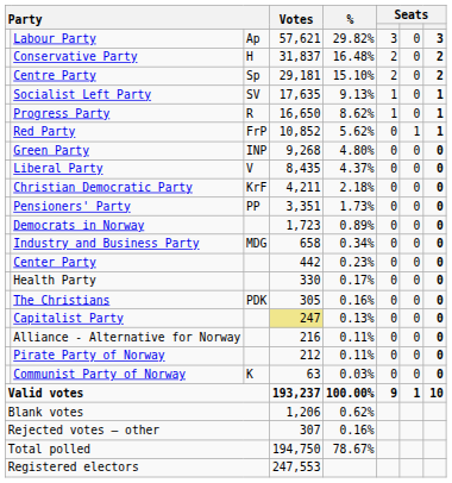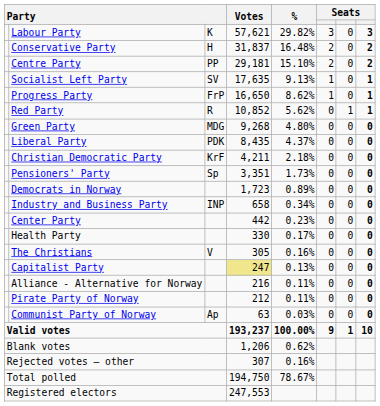 <table class="wikitable" border="1" style="text-align:right;">
 <tr>
 <th style="text-align:left;" valign=bottom rowspan=2 colspan=3>Party</th>
 <th align=center valign=bottom rowspan=2 width="50">Votes</th>
 <th align=center valign=bottom rowspan=2 width="50">%</th>
 <th colspan=3>Seats</th>
 </tr>
 <tr>
 <th align=center valign=bottom width="20"><small></small></th>
 <th align=center valign=bottom width="20"><small><a href='#'></a></small></th>
 <th align=center valign=bottom width="20"><small></small></th>
 </tr>
 <tr>
 <td style="color:inherit;background:"></td>
 <td align=left><a href='#'>Labour Party</a></td>
-<td align=left>Ap</td>
+<td align=left>K</td>
 <td>57,621</td>
 <td>29.82%</td>
 <td>3</td>
 <td>0</td>
 <td><strong>3</strong></td>
 </tr>
 <tr>
 <td style="color:inherit;background:"></td>
 <td align=left><a href='#'>Conservative Party</a></td>
 <td align=left>H</td>
 <td>31,837</td>
 <td>16.48%</td>
 <td>2</td>
 <td>0</td>
 <td><strong>2</strong></td>
 </tr>
 <tr>
 <td style="color:inherit;background:"></td>
 <td align=left><a href='#'>Centre Party</a></td>
-<td align=left>Sp</td>
+<td align=left>PP</td>
 <td>29,181</td>
 <td>15.10%</td>
 <td>2</td>
 <td>0</td>
 <td><strong>2</strong></td>
 </tr>
 <tr>
 <td style="color:inherit;background:"></td>
 <td align=left><a href='#'>Socialist Left Party</a></td>
 <td align=left>SV</td>
 <td>17,635</td>
 <td>9.13%</td>
 <td>1</td>
 <td>0</td>
 <td><strong>1</strong></td>
 </tr>
 <tr>
 <td style="color:inherit;background:"></td>
 <td align=left><a href='#'>Progress Party</a></td>
-<td align=left>R</td>
+<td align=left>FrP</td>
 <td>16,650</td>
 <td>8.62%</td>
 <td>1</td>
 <td>0</td>
 <td><strong>1</strong></td>
 </tr>
 <tr>
 <td style="color:inherit;background:"></td>
 <td align=left><a href='#'>Red Party</a></td>
-<td align=left>FrP</td>
+<td align=left>R</td>
 <td>10,852</td>
 <td>5.62%</td>
 <td>0</td>
 <td>1</td>
 <td><strong>1</strong></td>
 </tr>
 <tr>
 <td style="color:inherit;background:"></td>
 <td align=left><a href='#'>Green Party</a></td>
-<td align=left>INP</td>
+<td align=left>MDG</td>
 <td>9,268</td>
 <td>4.80%</td>
 <td>0</td>
 <td>0</td>
 <td><strong>0</strong></td>
 </tr>
 <tr>
 <td style="color:inherit;background:"></td>
 <td align=left><a href='#'>Liberal Party</a></td>
-<td align=left>V</td>
+<td align=left>PDK</td>
 <td>8,435</td>
 <td>4.37%</td>
 <td>0</td>
 <td>0</td>
 <td><strong>0</strong></td>
 </tr>
 <tr>
 <td style="color:inherit;background:"></td>
 <td align=left><a href='#'>Christian Democratic Party</a></td>
 <td align=left>KrF</td>
 <td>4,211</td>
 <td>2.18%</td>
 <td>0</td>
 <td>0</td>
 <td><strong>0</strong></td>
 </tr>
 <tr>
 <td style="color:inherit;background:"></td>
 <td align=left><a href='#'>Pensioners' Party</a></td>
-<td align=left>PP</td>
+<td align=left>Sp</td>
 <td>3,351</td>
 <td>1.73%</td>
 <td>0</td>
 <td>0</td>
 <td><strong>0</strong></td>
 </tr>
 <tr>
 <td style="color:inherit;background:"></td>
 <td align=left><a href='#'>Democrats in Norway</a></td>
 <td align=left></td>
 <td>1,723</td>
 <td>0.89%</td>
 <td>0</td>
 <td>0</td>
 <td><strong>0</strong></td>
 </tr>
 <tr>
 <td style="color:inherit;background:"></td>
 <td align=left><a href='#'>Industry and Business Party</a></td>
-<td align=left>MDG</td>
+<td align=left>INP</td>
 <td>658</td>
 <td>0.34%</td>
 <td>0</td>
 <td>0</td>
 <td><strong>0</strong></td>
 </tr>
 <tr>
 <td style="color:inherit;background:"></td>
 <td align=left><a href='#'>Center Party</a></td>
 <td align=left></td>
 <td>442</td>
 <td>0.23%</td>
 <td>0</td>
 <td>0</td>
 <td><strong>0</strong></td>
 </tr>
 <tr>
 <td></td>
 <td align=left>Health Party</td>
 <td align=left></td>
 <td>330</td>
 <td>0.17%</td>
 <td>0</td>
 <td>0</td>
 <td><strong>0</strong></td>
 </tr>
 <tr>
 <td style="color:inherit;background:"></td>
 <td align=left><a href='#'>The Christians</a></td>
-<td align=left>PDK</td>
+<td align=left>V</td>
 <td>305</td>
 <td>0.16%</td>
 <td>0</td>
 <td>0</td>
 <td><strong>0</strong></td>
 </tr>
 <tr>
 <td style="color:inherit;background:"></td>
 <td align=left><a href='#'>Capitalist Party</a></td>
 <td align=left></td>
 <td style="background: khaki;">247</td>
 <td>0.13%</td>
 <td>0</td>
 <td>0</td>
 <td><strong>0</strong></td>
 </tr>
 <tr>
 <td></td>
 <td align=left>Alliance - Alternative for Norway</td>
 <td align=left></td>
 <td>216</td>
 <td>0.11%</td>
 <td>0</td>
 <td>0</td>
 <td><strong>0</strong></td>
 </tr>
 <tr>
 <td style="color:inherit;background:"></td>
 <td align=left><a href='#'>Pirate Party of Norway</a></td>
 <td align=left></td>
 <td>212</td>
 <td>0.11%</td>
 <td>0</td>
 <td>0</td>
 <td><strong>0</strong></td>
 </tr>
 <tr>
 <td style="color:inherit;background:"></td>
 <td align=left><a href='#'>Communist Party of Norway</a></td>
-<td align=left>K</td>
+<td align=left>Ap</td>
 <td>63</td>
 <td>0.03%</td>
 <td>0</td>
 <td>0</td>
 <td><strong>0</strong></td>
 </tr>
 <tr style="font-weight:bold">
 <td align=left colspan=3>Valid votes</td>
 <td>193,237</td>
 <td>100.00%</td>
 <td>9</td>
 <td>1</td>
 <td>10</td>
 </tr>
 <tr>
 <td align=left colspan=3>Blank votes</td>
 <td>1,206</td>
 <td>0.62%</td>
 <td></td>
 <td></td>
 <td></td>
 </tr>
 <tr>
 <td align=left colspan=3>Rejected votes – other</td>
 <td>307</td>
 <td>0.16%</td>
 <td></td>
 <td></td>
 <td></td>
 </tr>
 <tr>
 <td align=left colspan=3>Total polled</td>
 <td>194,750</td>
 <td>78.67%</td>
 <td></td>
 <td></td>
 <td></td>
 </tr>
 <tr>
 <td align=left colspan=3>Registered electors</td>
 <td>247,553</td>
 <td></td>
 <td></td>
 <td></td>
 <td></td>
 </tr>
 </table>
